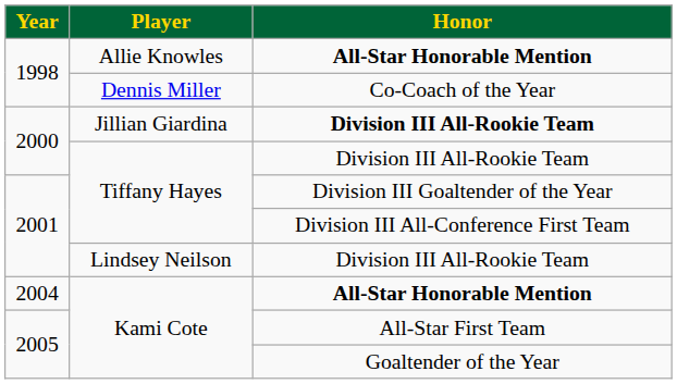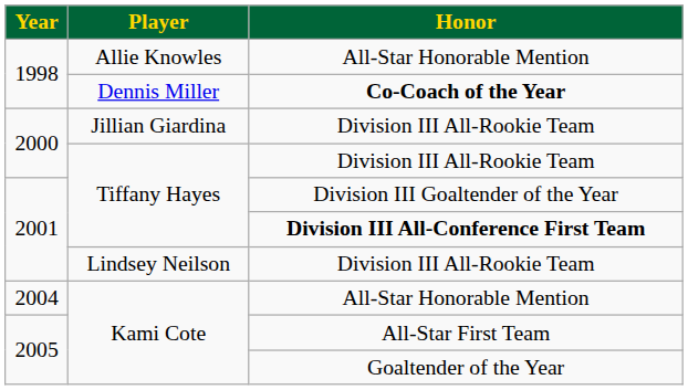 <table class="wikitable" style="width:80%;">
 <tr style="text-align:center; background:#006438; color:gold;">
 <td><strong>Year</strong></td>
 <td><strong>Player</strong></td>
 <td><strong>Honor</strong></td>
 </tr>
 <tr style="text-align:center;" bgcolor="">
 <td rowspan="2">1998</td>
 <td>Allie Knowles</td>
-<td><strong>All-Star Honorable Mention</strong></td>
+<td>All-Star Honorable Mention</td>
 </tr>
 <tr style="text-align:center;" bgcolor="">
 <td><a href='#'>Dennis Miller</a></td>
-<td>Co-Coach of the Year</td>
+<td><strong>Co-Coach of the Year</strong></td>
 </tr>
 <tr style="text-align:center;" bgcolor="">
 <td rowspan="2">2000</td>
 <td>Jillian Giardina</td>
-<td><strong>Division III All-Rookie Team</strong></td>
+<td>Division III All-Rookie Team</td>
 </tr>
 <tr style="text-align:center;" bgcolor="">
 <td rowspan="3">Tiffany Hayes</td>
 <td>Division III All-Rookie Team</td>
 </tr>
 <tr style="text-align:center;" bgcolor="">
 <td rowspan="3">2001</td>
 <td>Division III Goaltender of the Year</td>
 </tr>
 <tr style="text-align:center;" bgcolor="">
-<td>Division III All-Conference First Team</td>
+<td><strong>Division III All-Conference First Team</strong></td>
 </tr>
 <tr style="text-align:center;" bgcolor="">
 <td>Lindsey Neilson</td>
 <td>Division III All-Rookie Team</td>
 </tr>
 <tr style="text-align:center;" bgcolor="">
 <td>2004</td>
 <td rowspan="3">Kami Cote</td>
-<td ECAC All-Star Honorable Mention><strong>All-Star Honorable Mention</strong></td>
+<td ECAC All-Star Honorable Mention>All-Star Honorable Mention</td>
 </tr>
 <tr style="text-align:center;" bgcolor="">
 <td rowspan="2">2005</td>
 <td>All-Star First Team</td>
 </tr>
 <tr style="text-align:center;" bgcolor="">
 <td>Goaltender of the Year</td>
 </tr>
 </table>
